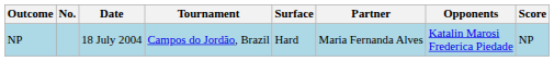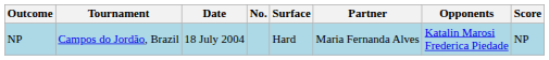 <table class="sortable wikitable" style=font-size:97%>
 <tr>
 <th>Outcome</th>
+<th>Tournament</th>
+<th>Date</th>
 <th>No.</th>
-<th>Date</th>
-<th>Tournament</th>
 <th>Surface</th>
 <th>Partner</th>
 <th>Opponents</th>
 <th>Score</th>
 </tr>
 <tr style="background:lightblue;">
 <td>NP</td>
+<td><a href='#'>Campos do Jordão</a>, Brazil</td>
+<td>18 July 2004</td>
 <td></td>
-<td>18 July 2004</td>
-<td><a href='#'>Campos do Jordão</a>, Brazil</td>
 <td>Hard</td>
 <td> Maria Fernanda Alves</td>
 <td> <a href='#'>Katalin Marosi</a> <br>  <a href='#'>Frederica Piedade</a></td>
 <td>NP</td>
 </tr>
 </table>
